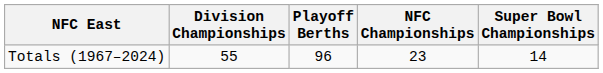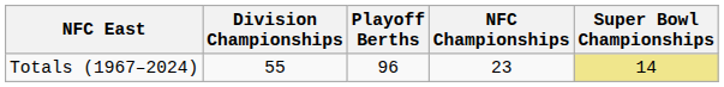 <table class="wikitable">
 <tr style="background:#efefef;">
 <th>NFC East</th>
 <th>Division <br> Championships</th>
 <th>Playoff<br> Berths</th>
 <th>NFC<br>Championships</th>
 <th>Super Bowl<br>Championships</th>
 </tr>
 <tr>
 <td>Totals (1967–2024)</td>
 <td align="center">55</td>
 <td align="center">96</td>
 <td align="center">23</td>
-<td align="center">14</td>
+<td align="center" style="background: khaki;">14</td>
 </tr>
 </table>
